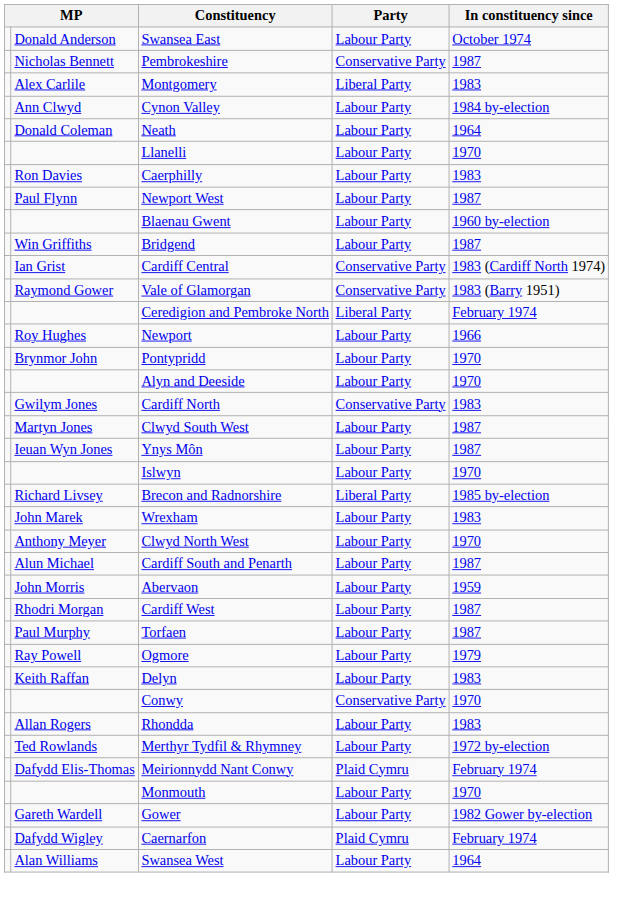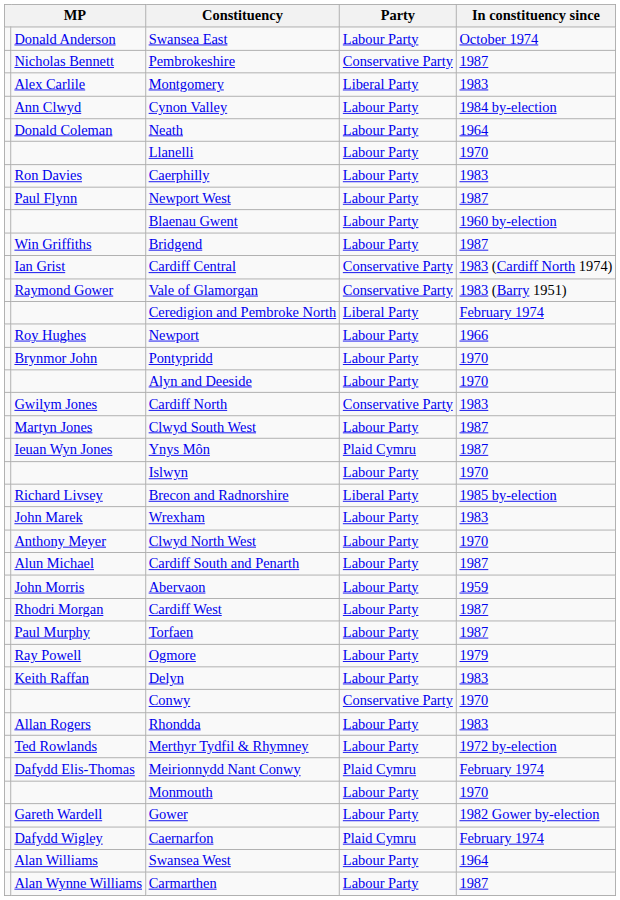 <table class="wikitable sortable">
 <tr>
 <th colspan="2">MP</th>
 <th>Constituency</th>
 <th>Party</th>
 <th>In constituency since</th>
 </tr>
 <tr>
 <td style="color:inherit;background-color: "></td>
 <td><a href='#'>Donald Anderson</a></td>
 <td><a href='#'>Swansea East</a></td>
 <td><a href='#'>Labour Party</a></td>
 <td><a href='#'>October 1974</a></td>
 </tr>
 <tr>
 <td style="color:inherit;background-color: "></td>
 <td><a href='#'>Nicholas Bennett</a></td>
 <td><a href='#'>Pembrokeshire</a></td>
 <td><a href='#'>Conservative Party</a></td>
 <td><a href='#'>1987</a></td>
 </tr>
 <tr>
 <td style="color:inherit;background:"></td>
 <td><a href='#'>Alex Carlile</a></td>
 <td><a href='#'>Montgomery</a></td>
 <td><a href='#'>Liberal Party</a></td>
 <td><a href='#'>1983</a></td>
 </tr>
 <tr>
 <td style="color:inherit;background-color: "></td>
 <td><a href='#'>Ann Clwyd</a></td>
 <td><a href='#'>Cynon Valley</a></td>
 <td><a href='#'>Labour Party</a></td>
 <td><a href='#'>1984 by-election</a></td>
 </tr>
 <tr>
 <td style="color:inherit;background-color: "></td>
 <td><a href='#'>Donald Coleman</a></td>
 <td><a href='#'>Neath</a></td>
 <td><a href='#'>Labour Party</a></td>
 <td><a href='#'>1964</a></td>
 </tr>
 <tr>
 <td style="color:inherit;background-color: "></td>
 <td></td>
 <td><a href='#'>Llanelli</a></td>
 <td><a href='#'>Labour Party</a></td>
 <td><a href='#'>1970</a></td>
 </tr>
 <tr>
 <td style="color:inherit;background-color: "></td>
 <td><a href='#'>Ron Davies</a></td>
 <td><a href='#'>Caerphilly</a></td>
 <td><a href='#'>Labour Party</a></td>
 <td><a href='#'>1983</a></td>
 </tr>
 <tr>
 <td style="color:inherit;background-color: "></td>
 <td><a href='#'>Paul Flynn</a></td>
 <td><a href='#'>Newport West</a></td>
 <td><a href='#'>Labour Party</a></td>
 <td><a href='#'>1987</a></td>
 </tr>
 <tr>
 <td style="color:inherit;background-color: "></td>
 <td></td>
 <td><a href='#'>Blaenau Gwent</a></td>
 <td><a href='#'>Labour Party</a></td>
 <td><a href='#'>1960 by-election</a></td>
 </tr>
 <tr>
 <td style="color:inherit;background-color: "></td>
 <td><a href='#'>Win Griffiths</a></td>
 <td><a href='#'>Bridgend</a></td>
 <td><a href='#'>Labour Party</a></td>
 <td><a href='#'>1987</a></td>
 </tr>
 <tr>
 <td style="color:inherit;background-color: "></td>
 <td><a href='#'>Ian Grist</a></td>
 <td><a href='#'>Cardiff Central</a></td>
 <td><a href='#'>Conservative Party</a></td>
 <td><a href='#'>1983</a> (<a href='#'>Cardiff North</a> 1974)</td>
 </tr>
 <tr>
 <td style="color:inherit;background-color: "></td>
 <td><a href='#'>Raymond Gower</a></td>
 <td><a href='#'>Vale of Glamorgan</a></td>
 <td><a href='#'>Conservative Party</a></td>
 <td><a href='#'>1983</a> (<a href='#'>Barry</a> 1951)</td>
 </tr>
 <tr>
 <td style="color:inherit;background-color: "></td>
 <td></td>
 <td><a href='#'>Ceredigion and Pembroke North</a></td>
 <td><a href='#'>Liberal Party</a></td>
 <td><a href='#'>February 1974</a></td>
 </tr>
 <tr>
 <td style="color:inherit;background-color: "></td>
 <td><a href='#'>Roy Hughes</a></td>
 <td><a href='#'>Newport</a></td>
 <td><a href='#'>Labour Party</a></td>
 <td><a href='#'>1966</a></td>
 </tr>
 <tr>
 <td style="color:inherit;background-color: "></td>
 <td><a href='#'>Brynmor John</a></td>
 <td><a href='#'>Pontypridd</a></td>
 <td><a href='#'>Labour Party</a></td>
 <td><a href='#'>1970</a></td>
 </tr>
 <tr>
 <td style="color:inherit;background-color: "></td>
 <td></td>
 <td><a href='#'>Alyn and Deeside</a></td>
 <td><a href='#'>Labour Party</a></td>
 <td><a href='#'>1970</a></td>
 </tr>
 <tr>
 <td style="color:inherit;background-color: "></td>
 <td><a href='#'>Gwilym Jones</a></td>
 <td><a href='#'>Cardiff North</a></td>
 <td><a href='#'>Conservative Party</a></td>
 <td><a href='#'>1983</a></td>
 </tr>
 <tr>
 <td style="color:inherit;background-color: "></td>
 <td><a href='#'>Martyn Jones</a></td>
 <td><a href='#'>Clwyd South West</a></td>
 <td><a href='#'>Labour Party</a></td>
 <td><a href='#'>1987</a></td>
 </tr>
 <tr>
 <td style="color:inherit;background-color: "></td>
 <td><a href='#'>Ieuan Wyn Jones</a></td>
 <td><a href='#'>Ynys Môn</a></td>
-<td><a href='#'>Labour Party</a></td>
+<td><a href='#'>Plaid Cymru</a></td>
 <td><a href='#'>1987</a></td>
 </tr>
 <tr>
 <td style="color:inherit;background-color: "></td>
 <td></td>
 <td><a href='#'>Islwyn</a></td>
 <td><a href='#'>Labour Party</a></td>
 <td><a href='#'>1970</a></td>
 </tr>
 <tr>
 <td style="color:inherit;background-color: "></td>
 <td><a href='#'>Richard Livsey</a></td>
 <td><a href='#'>Brecon and Radnorshire</a></td>
 <td><a href='#'>Liberal Party</a></td>
 <td><a href='#'>1985 by-election</a></td>
 </tr>
 <tr>
 <td style="color:inherit;background-color: "></td>
 <td><a href='#'>John Marek</a></td>
 <td><a href='#'>Wrexham</a></td>
 <td><a href='#'>Labour Party</a></td>
 <td><a href='#'>1983</a></td>
 </tr>
 <tr>
 <td style="color:inherit;background-color: "></td>
 <td><a href='#'>Anthony Meyer</a></td>
 <td><a href='#'>Clwyd North West</a></td>
 <td><a href='#'>Labour Party</a></td>
 <td><a href='#'>1970</a></td>
 </tr>
 <tr>
 <td style="color:inherit;background-color: "></td>
 <td><a href='#'>Alun Michael</a></td>
 <td><a href='#'>Cardiff South and Penarth</a></td>
 <td><a href='#'>Labour Party</a></td>
 <td><a href='#'>1987</a></td>
 </tr>
 <tr>
 <td style="color:inherit;background-color: "></td>
 <td><a href='#'>John Morris</a></td>
 <td><a href='#'>Abervaon</a></td>
 <td><a href='#'>Labour Party</a></td>
 <td><a href='#'>1959</a></td>
 </tr>
 <tr>
 <td style="color:inherit;background-color: "></td>
 <td><a href='#'>Rhodri Morgan</a></td>
 <td><a href='#'>Cardiff West</a></td>
 <td><a href='#'>Labour Party</a></td>
 <td><a href='#'>1987</a></td>
 </tr>
 <tr>
 <td style="color:inherit;background-color: "></td>
 <td><a href='#'>Paul Murphy</a></td>
 <td><a href='#'>Torfaen</a></td>
 <td><a href='#'>Labour Party</a></td>
 <td><a href='#'>1987</a></td>
 </tr>
 <tr>
 <td style="color:inherit;background-color: "></td>
 <td><a href='#'>Ray Powell</a></td>
 <td><a href='#'>Ogmore</a></td>
 <td><a href='#'>Labour Party</a></td>
 <td><a href='#'>1979</a></td>
 </tr>
 <tr>
 <td style="color:inherit;background-color: "></td>
 <td><a href='#'>Keith Raffan</a></td>
 <td><a href='#'>Delyn</a></td>
 <td><a href='#'>Labour Party</a></td>
 <td><a href='#'>1983</a></td>
 </tr>
 <tr>
 <td style="color:inherit;background-color: "></td>
 <td></td>
 <td><a href='#'>Conwy</a></td>
 <td><a href='#'>Conservative Party</a></td>
 <td><a href='#'>1970</a></td>
 </tr>
 <tr>
 <td style="color:inherit;background-color: "></td>
 <td><a href='#'>Allan Rogers</a></td>
 <td><a href='#'>Rhondda</a></td>
 <td><a href='#'>Labour Party</a></td>
 <td><a href='#'>1983</a></td>
 </tr>
 <tr>
 <td style="color:inherit;background-color: "></td>
 <td><a href='#'>Ted Rowlands</a></td>
 <td><a href='#'>Merthyr Tydfil & Rhymney</a></td>
 <td><a href='#'>Labour Party</a></td>
 <td><a href='#'>1972 by-election</a></td>
 </tr>
 <tr>
 <td style="color:inherit;background-color: "></td>
 <td><a href='#'>Dafydd Elis-Thomas</a></td>
 <td><a href='#'>Meirionnydd Nant Conwy</a></td>
 <td><a href='#'>Plaid Cymru</a></td>
 <td><a href='#'>February 1974</a></td>
 </tr>
 <tr>
 <td style="color:inherit;background-color: "></td>
 <td></td>
 <td><a href='#'>Monmouth</a></td>
 <td><a href='#'>Labour Party</a></td>
 <td><a href='#'>1970</a></td>
 </tr>
 <tr>
 <td style="color:inherit;background-color: "></td>
 <td><a href='#'>Gareth Wardell</a></td>
 <td><a href='#'>Gower</a></td>
 <td><a href='#'>Labour Party</a></td>
 <td><a href='#'>1982 Gower by-election</a></td>
 </tr>
 <tr>
 <td style="color:inherit;background-color: "></td>
 <td><a href='#'>Dafydd Wigley</a></td>
 <td><a href='#'>Caernarfon</a></td>
 <td><a href='#'>Plaid Cymru</a></td>
 <td><a href='#'>February 1974</a></td>
 </tr>
 <tr>
 <td style="color:inherit;background-color: "></td>
 <td><a href='#'>Alan Williams</a></td>
 <td><a href='#'>Swansea West</a></td>
 <td><a href='#'>Labour Party</a></td>
 <td><a href='#'>1964</a></td>
 </tr>
+<tr>
+<td style="color:inherit;background-color: "></td>
+<td><a href='#'>Alan Wynne Williams</a></td>
+<td><a href='#'>Carmarthen</a></td>
+<td><a href='#'>Labour Party</a></td>
+<td><a href='#'>1987</a></td>
+</tr>
 </table>
